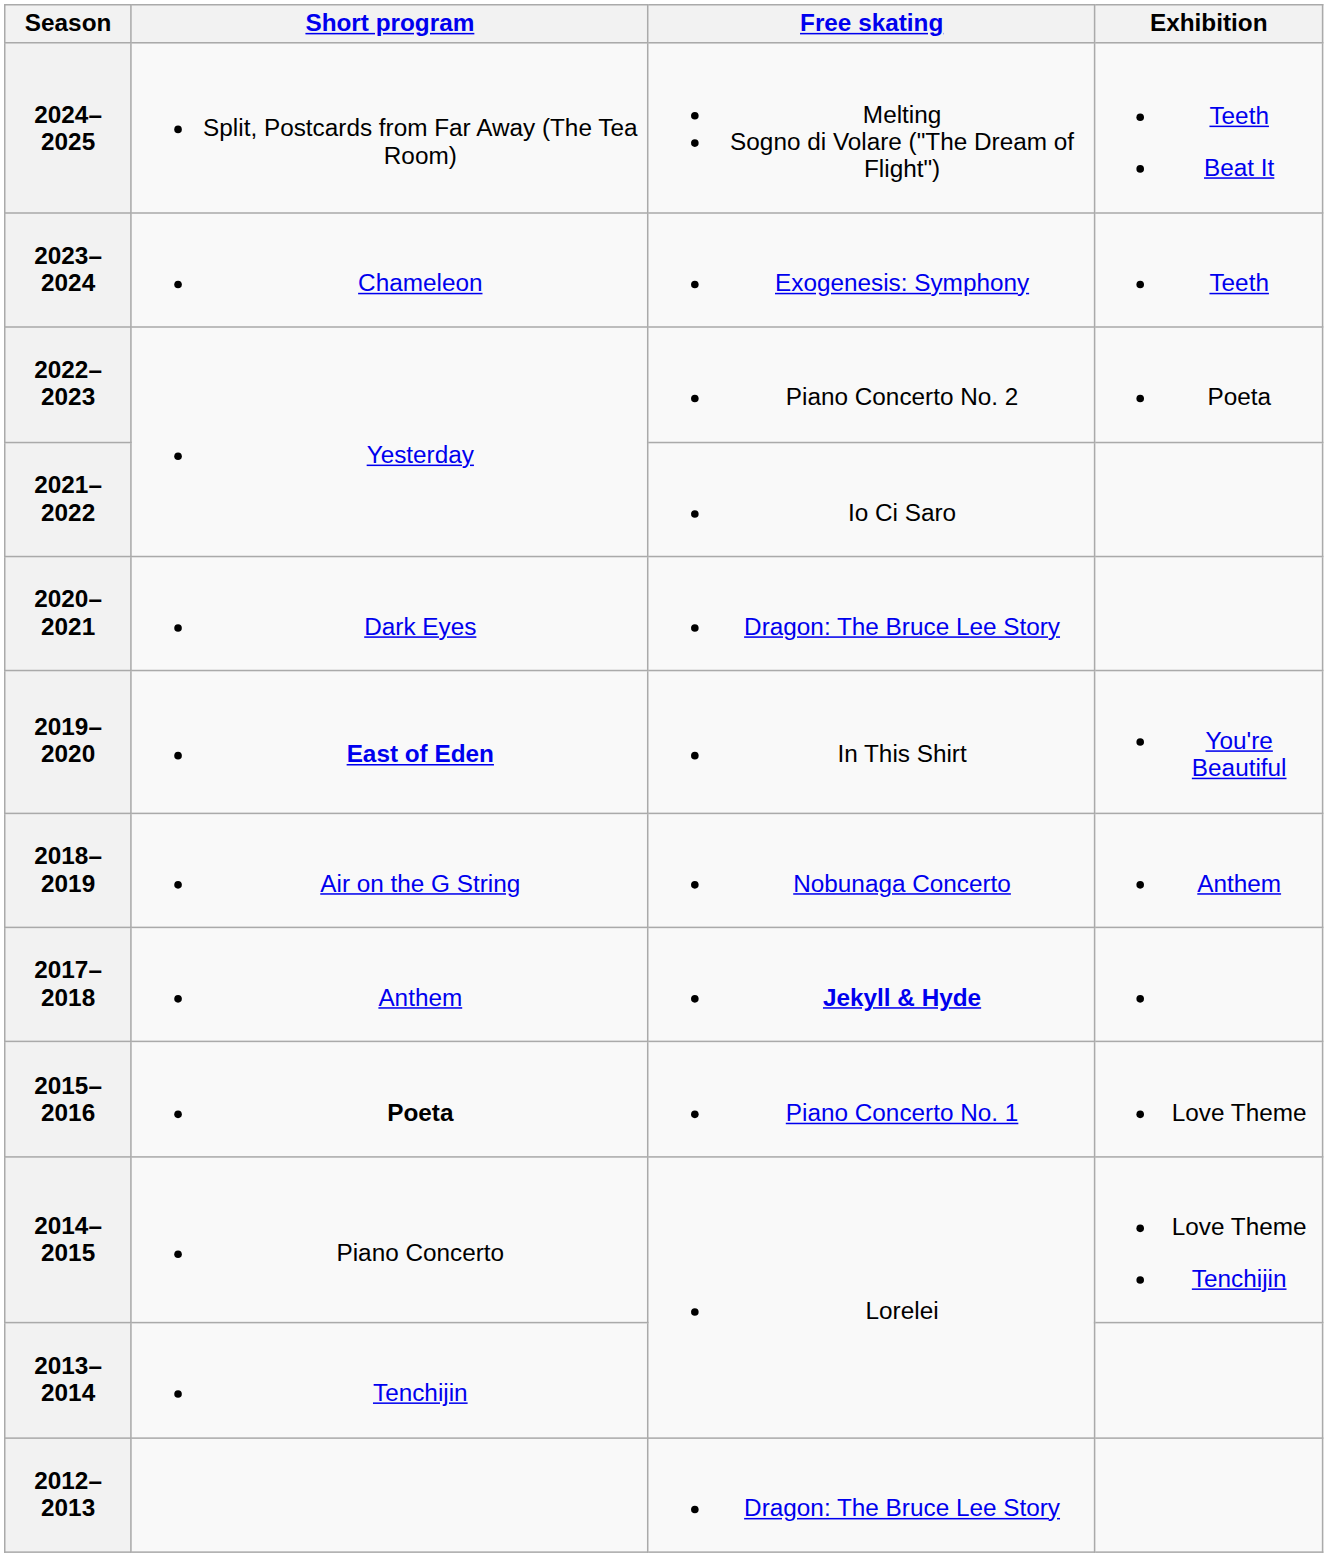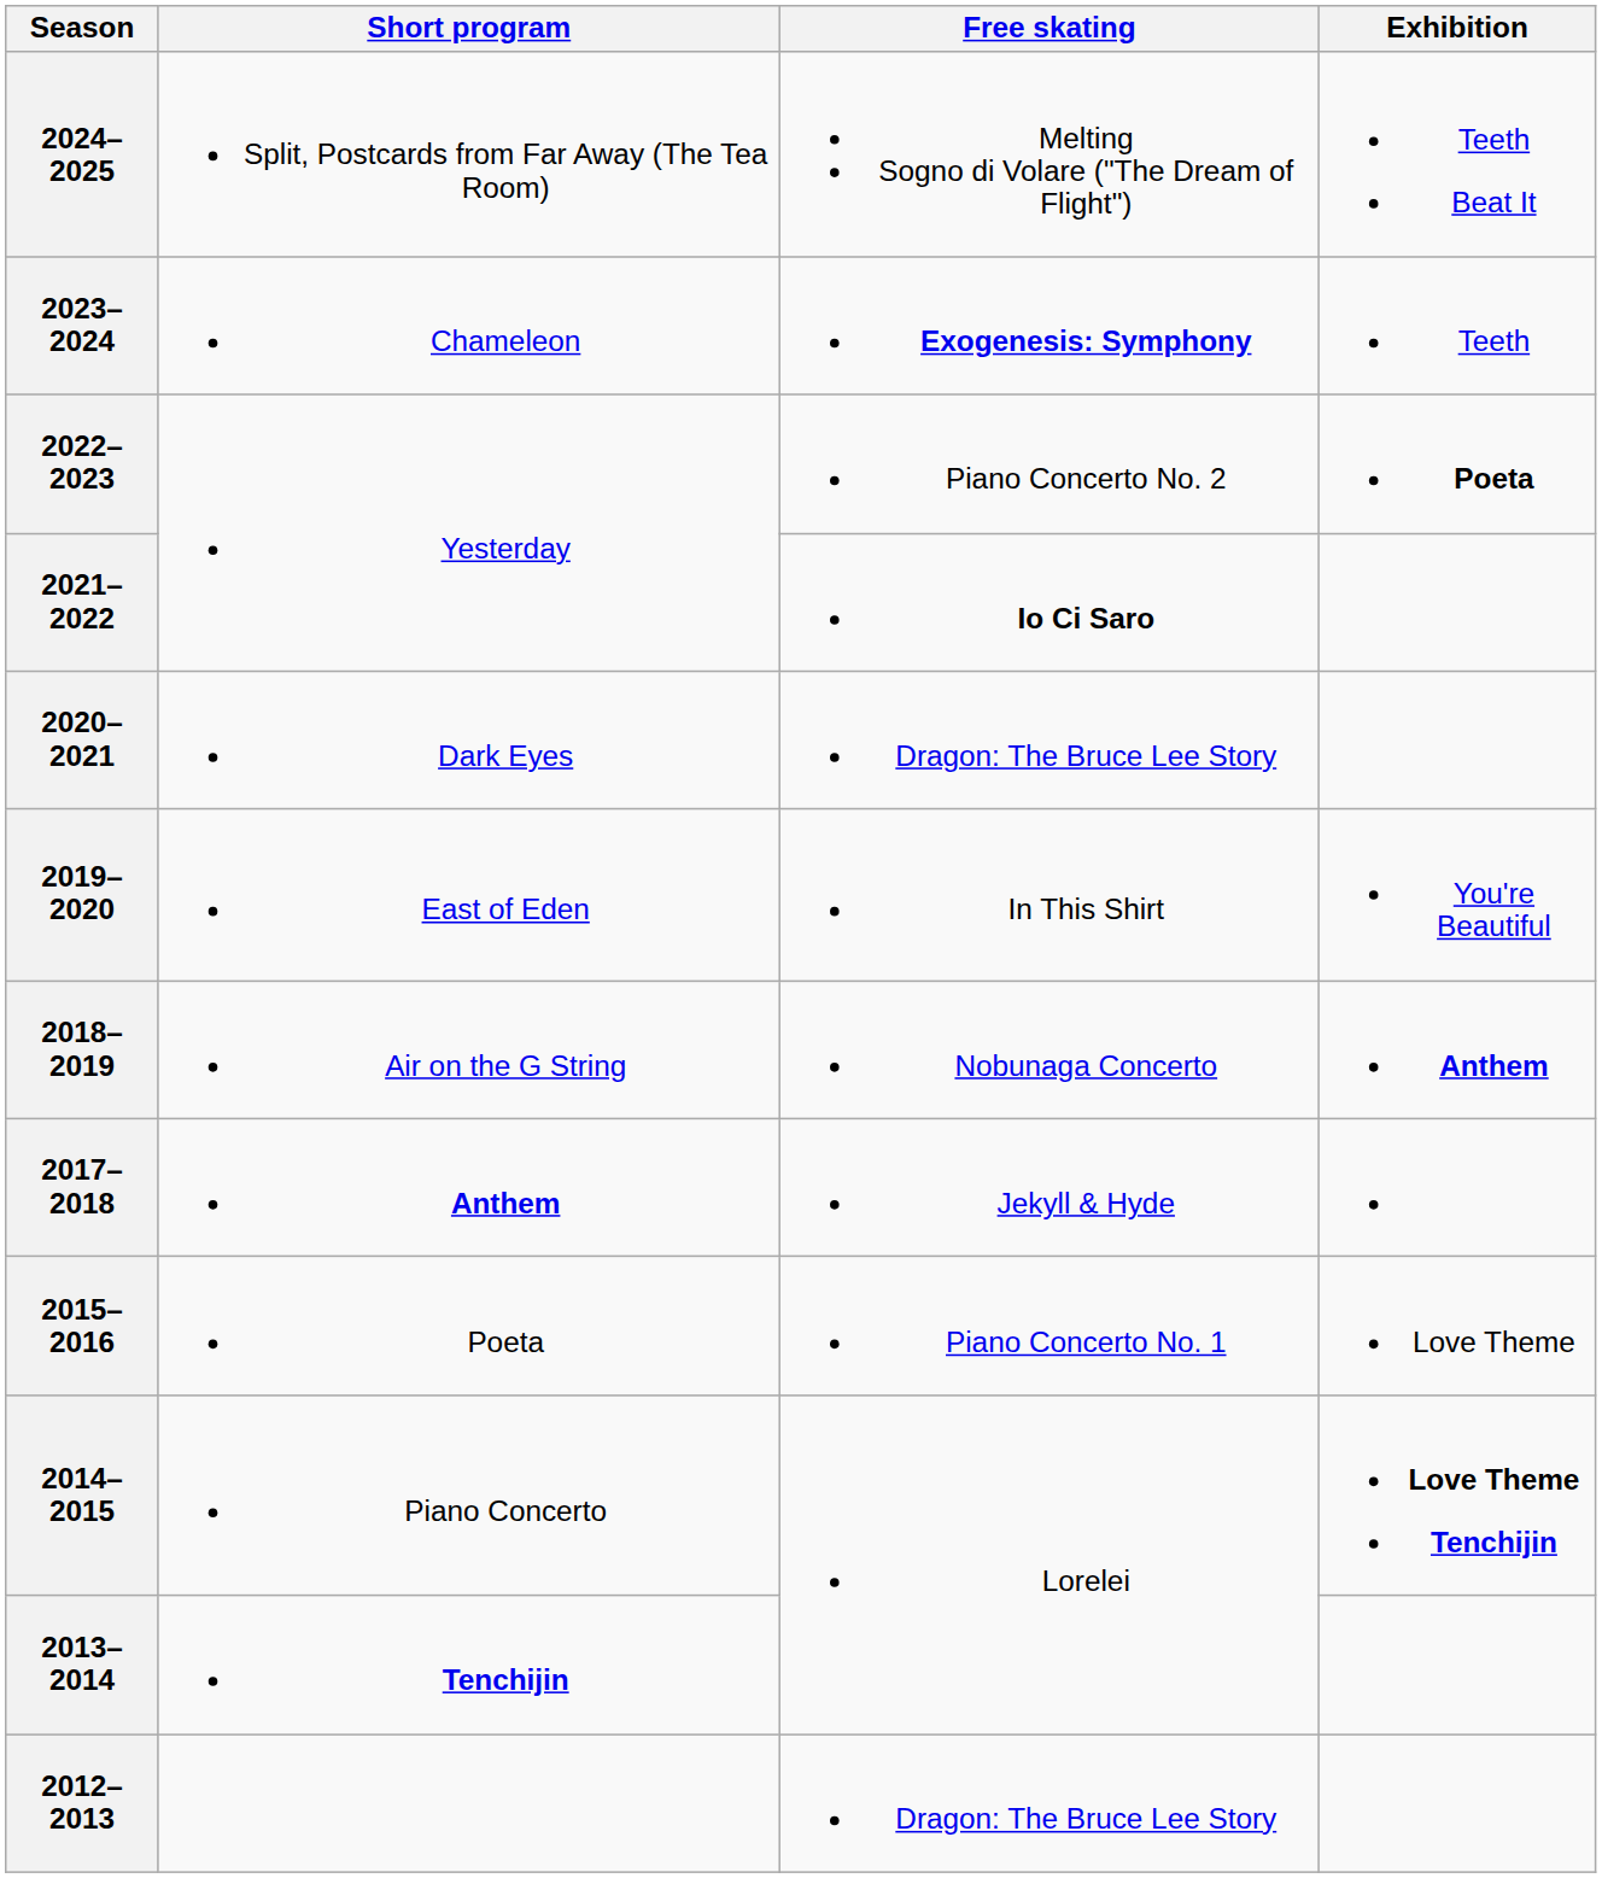 <table class=wikitable style=text-align:center>
 <tr>
 <th>Season</th>
 <th><a href='#'>Short program</a></th>
 <th><a href='#'>Free skating</a></th>
 <th>Exhibition</th>
 </tr>
 <tr>
 <th>2024–2025 <br></th>
 <td><br><ul><li>Split, Postcards from Far Away (The Tea Room) <br> </li></ul></td>
 <td><br><ul><li>Melting <br> </li><li>Sogno di Volare ("The Dream of Flight") <br></li></ul></td>
 <td><br><ul><li><a href='#'>Teeth</a> <br></li></ul><ul><li><a href='#'>Beat It</a> <br></li></ul></td>
 </tr>
 <tr>
 <th>2023–2024 <br></th>
 <td><br><ul><li><a href='#'>Chameleon</a><br> </li></ul></td>
-<td><br><ul><li><a href='#'>Exogenesis: Symphony</a> <br> </li></ul></td>
+<td><strong><br><ul><li><a href='#'>Exogenesis: Symphony</a> <br> </li></ul></strong></td>
 <td><br><ul><li><a href='#'>Teeth</a> <br></li></ul></td>
 </tr>
 <tr>
 <th>2022–2023 <br></th>
 <td rowspan=2><br><ul><li><a href='#'>Yesterday</a><br> </li></ul></td>
 <td><br><ul><li>Piano Concerto No. 2 <br> </li></ul></td>
-<td><br><ul><li>Poeta <br> </li></ul></td>
+<td><strong><br><ul><li>Poeta <br> </li></ul></strong></td>
 </tr>
 <tr>
 <th>2021–2022 <br></th>
-<td><br><ul><li>Io Ci Saro <br> </li></ul></td>
+<td><strong><br><ul><li>Io Ci Saro <br> </li></ul></strong></td>
 <td></td>
 </tr>
 <tr>
 <th>2020–2021 <br></th>
 <td><br><ul><li><a href='#'>Dark Eyes</a><br> </li></ul></td>
 <td><br><ul><li><a href='#'>Dragon: The Bruce Lee Story</a><br> </li></ul></td>
 <td></td>
 </tr>
 <tr>
 <th>2019–2020 <br></th>
-<td><strong><br><ul><li><a href='#'>East of Eden</a> <br> </li></ul></strong></td>
+<td><br><ul><li><a href='#'>East of Eden</a> <br> </li></ul></td>
 <td><br><ul><li>In This Shirt <br> </li></ul></td>
 <td><br><ul><li><a href='#'>You're Beautiful</a> <br></li></ul></td>
 </tr>
 <tr>
 <th>2018–2019 <br></th>
 <td><br><ul><li><a href='#'>Air on the G String</a> <br> </li></ul></td>
 <td><br><ul><li><a href='#'>Nobunaga Concerto</a> <br> </li></ul></td>
-<td><br><ul><li><a href='#'>Anthem</a> <br> </li></ul></td>
+<td><strong><br><ul><li><a href='#'>Anthem</a> <br> </li></ul></strong></td>
 </tr>
 <tr>
 <th>2017–2018 <br></th>
-<td><br><ul><li><a href='#'>Anthem</a> <br> </li></ul></td>
-<td><strong><br><ul><li><a href='#'>Jekyll & Hyde</a> <br> </li></ul></strong></td>
+<td><strong><br><ul><li><a href='#'>Anthem</a> <br> </li></ul></strong></td>
+<td><br><ul><li><a href='#'>Jekyll & Hyde</a> <br> </li></ul></td>
 <td><br><ul><li></li></ul></td>
 </tr>
 <tr>
 <th>2015–2016 <br></th>
-<td><strong><br><ul><li>Poeta <br> </li></ul></strong></td>
+<td><br><ul><li>Poeta <br> </li></ul></td>
 <td><br><ul><li><a href='#'>Piano Concerto No. 1</a> <br> </li></ul></td>
 <td><br><ul><li>Love Theme <br> </li></ul></td>
 </tr>
 <tr>
 <th>2014–2015 <br></th>
 <td><br><ul><li>Piano Concerto <br> </li></ul></td>
 <td rowspan=2><br><ul><li>Lorelei <br> </li></ul></td>
-<td><br><ul><li>Love Theme <br> </li></ul><ul><li><a href='#'>Tenchijin</a> <br> </li></ul></td>
+<td><strong><br><ul><li>Love Theme <br> </li></ul><ul><li><a href='#'>Tenchijin</a> <br> </li></ul></strong></td>
 </tr>
 <tr>
 <th>2013–2014 <br></th>
-<td><br><ul><li><a href='#'>Tenchijin</a> <br> </li></ul></td>
+<td><strong><br><ul><li><a href='#'>Tenchijin</a> <br> </li></ul></strong></td>
 <td></td>
 </tr>
 <tr>
 <th>2012–2013</th>
 <td></td>
 <td><br><ul><li><a href='#'>Dragon: The Bruce Lee Story</a><br> </li></ul></td>
 <td></td>
 </tr>
 </table>
